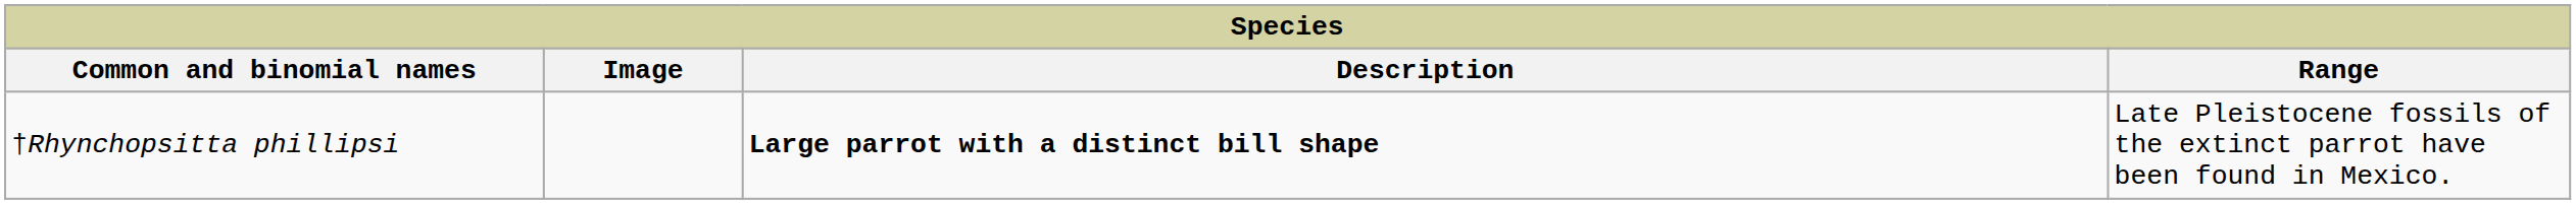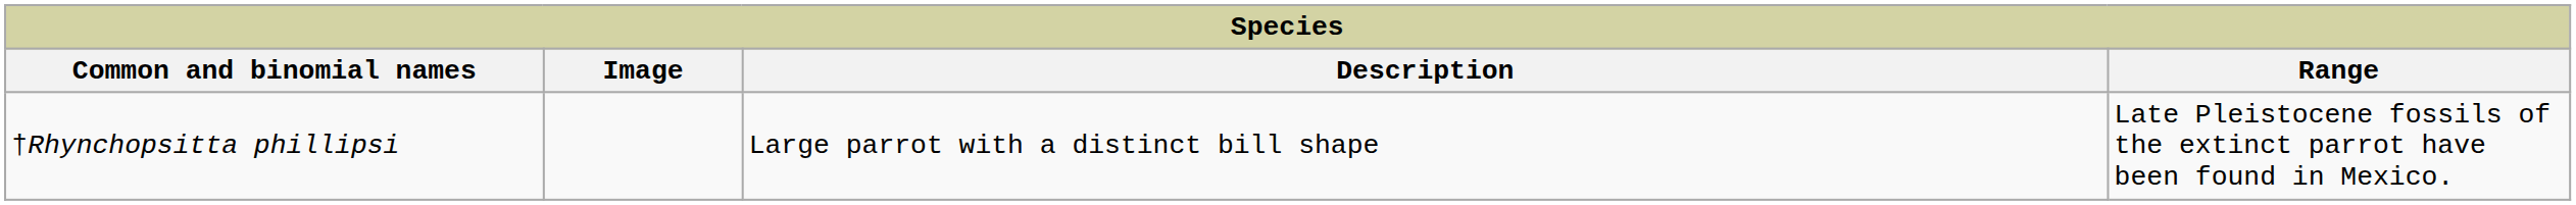 <table width = 98% class="wikitable">
 <tr>
 <th align="center" style="background-color: #D3D3A4" colspan ="4"><strong>Species</strong></th>
 </tr>
 <tr>
 <th width = "21%">Common and binomial names</th>
 <th>Image</th>
 <th align="center">Description</th>
 <th width = "18%">Range</th>
 </tr>
 <tr>
 <td>†<em>Rhynchopsitta phillipsi</em></td>
 <td></td>
-<td><strong>Large parrot with a distinct bill shape</strong></td>
+<td>Large parrot with a distinct bill shape</td>
 <td>Late Pleistocene fossils of the extinct parrot have been found in Mexico.</td>
 </tr>
 </table>
